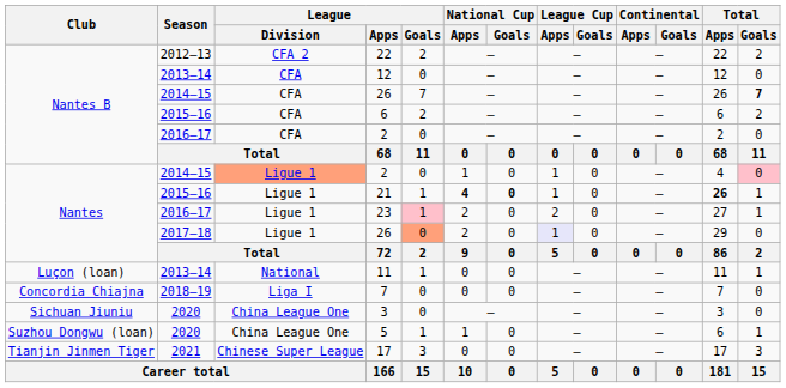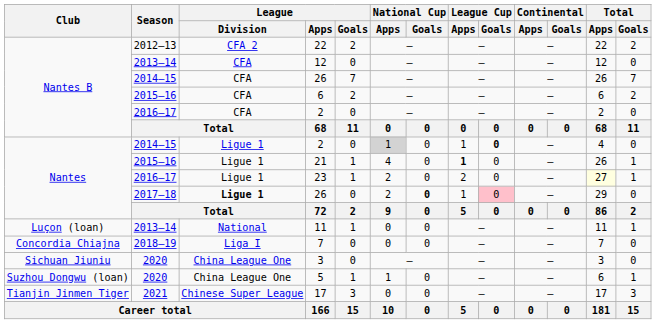 <table class="wikitable" style="text-align: center">
 <tr>
 <th rowspan="2">Club</th>
 <th rowspan="2">Season</th>
 <th colspan="3">League</th>
 <th colspan="2">National Cup</th>
 <th colspan="2">League Cup</th>
 <th colspan="2">Continental</th>
 <th colspan="2">Total</th>
 </tr>
 <tr>
 <th>Division</th>
 <th>Apps</th>
 <th>Goals</th>
 <th>Apps</th>
 <th>Goals</th>
 <th>Apps</th>
 <th>Goals</th>
 <th>Apps</th>
 <th>Goals</th>
 <th>Apps</th>
 <th>Goals</th>
 </tr>
 <tr>
 <td rowspan=6><a href='#'>Nantes B</a></td>
 <td>2012–13</td>
 <td><a href='#'>CFA 2</a></td>
 <td>22</td>
 <td>2</td>
 <td colspan="2">—</td>
 <td colspan="2">—</td>
 <td colspan="2">—</td>
 <td>22</td>
 <td>2</td>
 </tr>
 <tr>
 <td><a href='#'>2013–14</a></td>
 <td><a href='#'>CFA</a></td>
 <td>12</td>
 <td>0</td>
 <td colspan="2">—</td>
 <td colspan="2">—</td>
 <td colspan="2">—</td>
 <td>12</td>
 <td>0</td>
 </tr>
 <tr>
 <td><a href='#'>2014–15</a></td>
 <td>CFA</td>
 <td>26</td>
 <td>7</td>
 <td colspan="2">—</td>
 <td colspan="2">—</td>
 <td colspan="2">—</td>
 <td>26</td>
-<td><strong>7</strong></td>
+<td>7</td>
 </tr>
 <tr>
 <td><a href='#'>2015–16</a></td>
 <td>CFA</td>
 <td>6</td>
 <td>2</td>
 <td colspan="2">—</td>
 <td colspan="2">—</td>
 <td colspan="2">—</td>
 <td>6</td>
 <td>2</td>
 </tr>
 <tr>
 <td><a href='#'>2016–17</a></td>
 <td>CFA</td>
 <td>2</td>
 <td>0</td>
 <td colspan="2">—</td>
 <td colspan="2">—</td>
 <td colspan="2">—</td>
 <td>2</td>
 <td>0</td>
 </tr>
 <tr>
 <th colspan="2"><strong>Total</strong></th>
 <th>68</th>
 <th>11</th>
 <th>0</th>
 <th>0</th>
 <th>0</th>
 <th>0</th>
 <th>0</th>
 <th>0</th>
 <th>68</th>
 <th>11</th>
 </tr>
 <tr>
 <td rowspan=5><a href='#'>Nantes</a></td>
 <td><a href='#'>2014–15</a></td>
-<td style="background: lightsalmon;"><a href='#'>Ligue 1</a></td>
+<td><a href='#'>Ligue 1</a></td>
 <td>2</td>
 <td>0</td>
-<td>1</td>
+<td style="background: lightgrey;">1</td>
 <td>0</td>
 <td>1</td>
-<td>0</td>
+<td><strong>0</strong></td>
 <td colspan="2">—</td>
 <td>4</td>
-<td style="background: pink;">0</td>
+<td>0</td>
 </tr>
 <tr>
 <td><a href='#'>2015–16</a></td>
 <td>Ligue 1</td>
 <td>21</td>
 <td>1</td>
-<td><strong>4</strong></td>
-<td><strong>0</strong></td>
-<td>1</td>
+<td>4</td>
+<td>0</td>
+<td><strong>1</strong></td>
 <td>0</td>
 <td colspan="2">—</td>
-<td><strong>26</strong></td>
+<td>26</td>
 <td>1</td>
 </tr>
 <tr>
 <td><a href='#'>2016–17</a></td>
 <td>Ligue 1</td>
 <td>23</td>
-<td style="background: pink;">1</td>
+<td>1</td>
 <td>2</td>
 <td>0</td>
 <td>2</td>
 <td>0</td>
 <td colspan="2">—</td>
-<td>27</td>
+<td style="background: lightyellow;">27</td>
 <td>1</td>
 </tr>
 <tr>
 <td><a href='#'>2017–18</a></td>
-<td>Ligue 1</td>
+<td><strong>Ligue 1</strong></td>
 <td>26</td>
-<td style="background: lightsalmon;">0</td>
+<td>0</td>
 <td>2</td>
-<td>0</td>
-<td style="background: lavender;">1</td>
-<td>0</td>
+<td><strong>0</strong></td>
+<td>1</td>
+<td style="background: pink;">0</td>
 <td colspan="2">—</td>
 <td>29</td>
 <td>0</td>
 </tr>
 <tr>
 <th colspan="2"><strong>Total</strong></th>
 <th>72</th>
 <th>2</th>
 <th>9</th>
 <th>0</th>
 <th>5</th>
 <th>0</th>
 <th>0</th>
 <th>0</th>
 <th>86</th>
 <th>2</th>
 </tr>
 <tr>
 <td><a href='#'>Luçon</a> (loan)</td>
 <td><a href='#'>2013–14</a></td>
 <td><a href='#'>National</a></td>
 <td>11</td>
 <td>1</td>
 <td>0</td>
 <td>0</td>
 <td colspan="2">—</td>
 <td colspan="2">—</td>
 <td>11</td>
 <td>1</td>
 </tr>
 <tr>
 <td><a href='#'>Concordia Chiajna</a></td>
 <td><a href='#'>2018–19</a></td>
 <td><a href='#'>Liga I</a></td>
 <td>7</td>
 <td>0</td>
 <td>0</td>
 <td>0</td>
 <td colspan="2">—</td>
 <td colspan="2">—</td>
 <td>7</td>
 <td>0</td>
 </tr>
 <tr>
 <td><a href='#'>Sichuan Jiuniu</a></td>
 <td><a href='#'>2020</a></td>
 <td><a href='#'>China League One</a></td>
 <td>3</td>
 <td>0</td>
 <td colspan="2">—</td>
 <td colspan="2">—</td>
 <td colspan="2">—</td>
 <td>3</td>
 <td>0</td>
 </tr>
 <tr>
 <td><a href='#'>Suzhou Dongwu</a> (loan)</td>
 <td><a href='#'>2020</a></td>
 <td>China League One</td>
 <td>5</td>
 <td>1</td>
 <td>1</td>
 <td>0</td>
 <td colspan="2">—</td>
 <td colspan="2">—</td>
 <td>6</td>
 <td>1</td>
 </tr>
 <tr>
 <td><a href='#'>Tianjin Jinmen Tiger</a></td>
 <td><a href='#'>2021</a></td>
 <td><a href='#'>Chinese Super League</a></td>
 <td>17</td>
 <td>3</td>
 <td>0</td>
 <td>0</td>
 <td colspan="2">—</td>
 <td colspan="2">—</td>
 <td>17</td>
 <td>3</td>
 </tr>
 <tr>
 <th colspan=3>Career total</th>
 <th>166</th>
 <th>15</th>
 <th>10</th>
 <th>0</th>
 <th>5</th>
 <th>0</th>
 <th>0</th>
 <th>0</th>
 <th>181</th>
 <th>15</th>
 </tr>
 </table>
